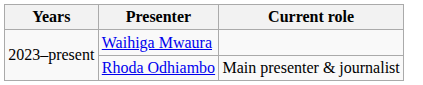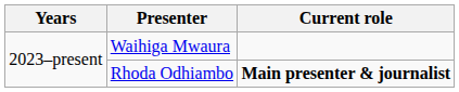 <table class="wikitable">
 <tr align="center">
 <th>Years</th>
 <th>Presenter</th>
 <th>Current role</th>
 </tr>
 <tr>
 <td rowspan="2">2023–present</td>
 <td><a href='#'>Waihiga Mwaura</a></td>
 <td></td>
 </tr>
 <tr>
 <td><a href='#'>Rhoda Odhiambo</a></td>
-<td>Main presenter & journalist</td>
+<td><strong>Main presenter & journalist</strong></td>
 </tr>
 </table>
